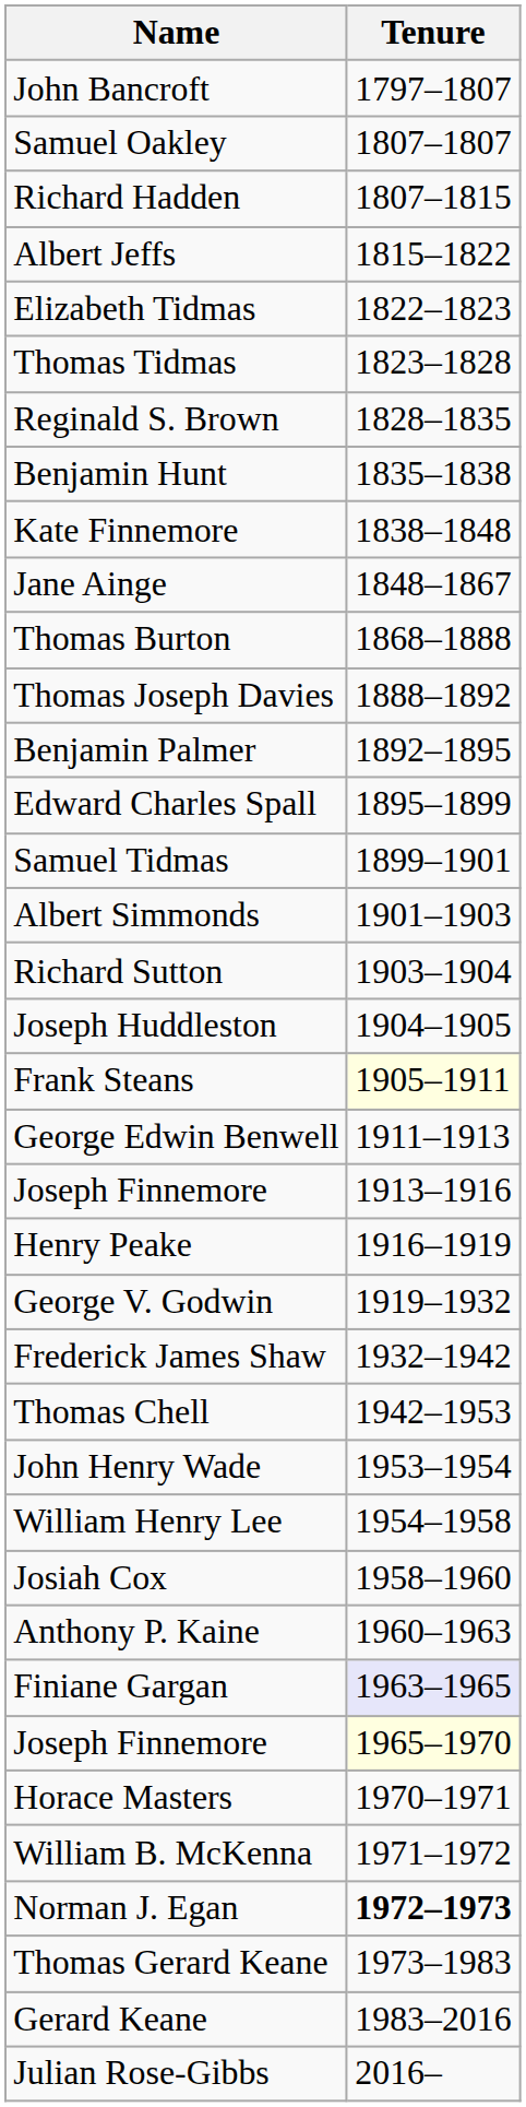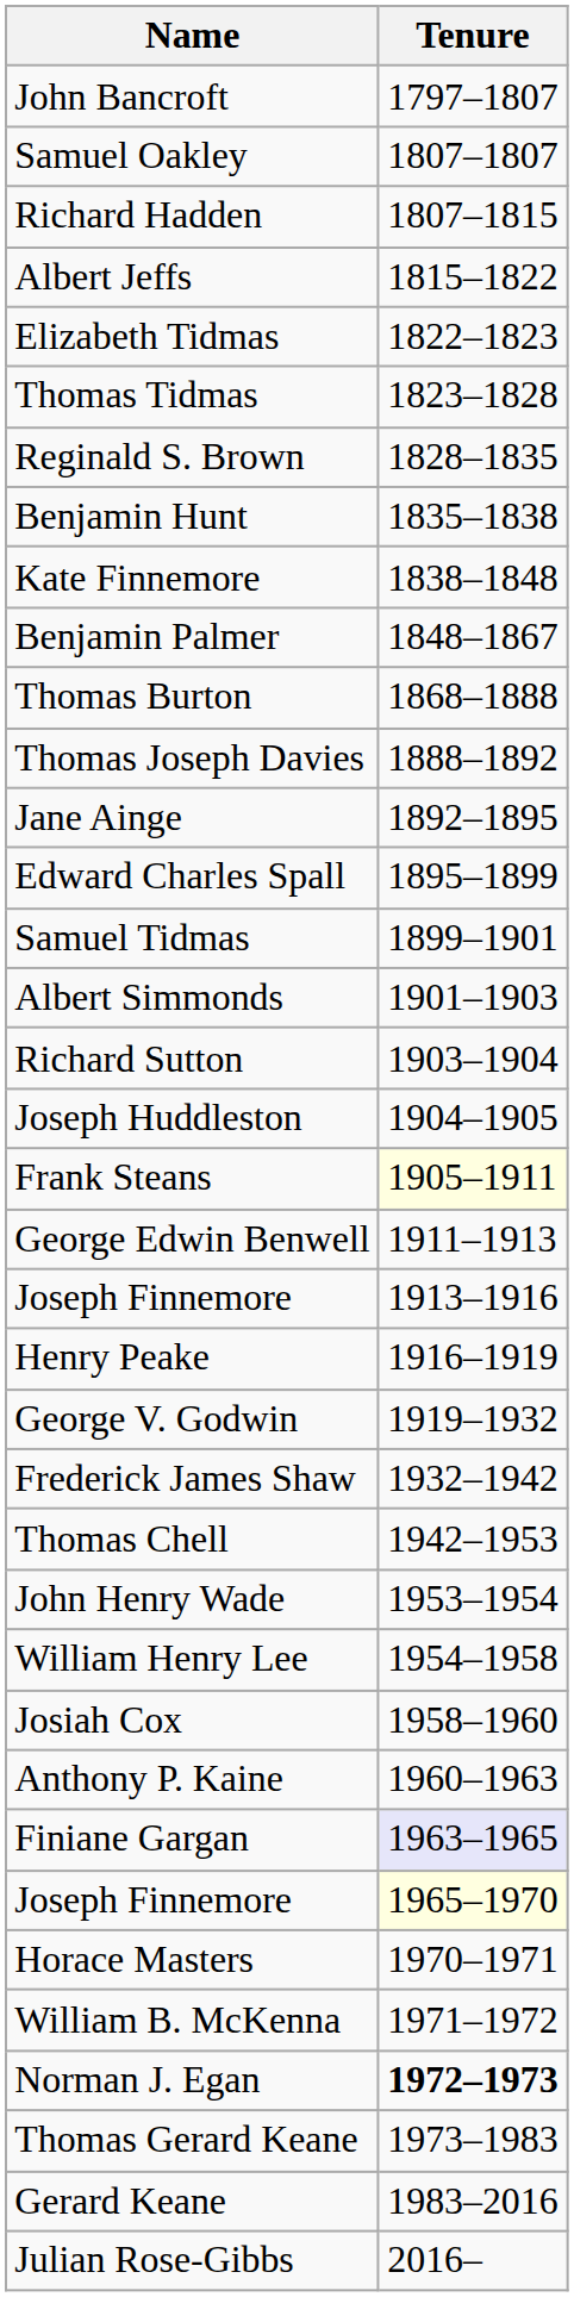 <table class="wikitable">
 <tr>
 <th>Name</th>
 <th>Tenure</th>
 </tr>
 <tr>
 <td>John Bancroft</td>
 <td>1797–1807</td>
 </tr>
 <tr>
 <td>Samuel Oakley</td>
 <td>1807–1807</td>
 </tr>
 <tr>
 <td>Richard Hadden</td>
 <td>1807–1815</td>
 </tr>
 <tr>
 <td>Albert Jeffs</td>
 <td>1815–1822</td>
 </tr>
 <tr>
 <td>Elizabeth Tidmas</td>
 <td>1822–1823</td>
 </tr>
 <tr>
 <td>Thomas Tidmas</td>
 <td>1823–1828</td>
 </tr>
 <tr>
 <td>Reginald S. Brown</td>
 <td>1828–1835</td>
 </tr>
 <tr>
 <td>Benjamin Hunt</td>
 <td>1835–1838</td>
 </tr>
 <tr>
 <td>Kate Finnemore</td>
 <td>1838–1848</td>
 </tr>
 <tr>
-<td>Jane Ainge</td>
+<td>Benjamin Palmer</td>
 <td>1848–1867</td>
 </tr>
 <tr>
 <td>Thomas Burton</td>
 <td>1868–1888</td>
 </tr>
 <tr>
 <td>Thomas Joseph Davies</td>
 <td>1888–1892</td>
 </tr>
 <tr>
-<td>Benjamin Palmer</td>
+<td>Jane Ainge</td>
 <td>1892–1895</td>
 </tr>
 <tr>
 <td>Edward Charles Spall</td>
 <td>1895–1899</td>
 </tr>
 <tr>
 <td>Samuel Tidmas</td>
 <td>1899–1901</td>
 </tr>
 <tr>
 <td>Albert Simmonds</td>
 <td>1901–1903</td>
 </tr>
 <tr>
 <td>Richard Sutton</td>
 <td>1903–1904</td>
 </tr>
 <tr>
 <td>Joseph Huddleston</td>
 <td>1904–1905</td>
 </tr>
 <tr>
 <td>Frank Steans</td>
 <td style="background: lightyellow;">1905–1911</td>
 </tr>
 <tr>
 <td>George Edwin Benwell</td>
 <td>1911–1913</td>
 </tr>
 <tr>
 <td>Joseph Finnemore</td>
 <td>1913–1916</td>
 </tr>
 <tr>
 <td>Henry Peake</td>
 <td>1916–1919</td>
 </tr>
 <tr>
 <td>George V. Godwin</td>
 <td>1919–1932</td>
 </tr>
 <tr>
 <td>Frederick James Shaw</td>
 <td>1932–1942</td>
 </tr>
 <tr>
 <td>Thomas Chell</td>
 <td>1942–1953</td>
 </tr>
 <tr>
 <td>John Henry Wade</td>
 <td>1953–1954</td>
 </tr>
 <tr>
 <td>William Henry Lee</td>
 <td>1954–1958</td>
 </tr>
 <tr>
 <td>Josiah Cox</td>
 <td>1958–1960</td>
 </tr>
 <tr>
 <td>Anthony P. Kaine</td>
 <td>1960–1963</td>
 </tr>
 <tr>
 <td>Finiane Gargan</td>
 <td style="background: lavender;">1963–1965</td>
 </tr>
 <tr>
 <td>Joseph Finnemore</td>
 <td style="background: lightyellow;">1965–1970</td>
 </tr>
 <tr>
 <td>Horace Masters</td>
 <td>1970–1971</td>
 </tr>
 <tr>
 <td>William B. McKenna</td>
 <td>1971–1972</td>
 </tr>
 <tr>
 <td>Norman J. Egan</td>
 <td><strong>1972–1973</strong></td>
 </tr>
 <tr>
 <td>Thomas Gerard Keane</td>
 <td>1973–1983</td>
 </tr>
 <tr>
 <td>Gerard Keane</td>
 <td>1983–2016</td>
 </tr>
 <tr>
 <td>Julian Rose-Gibbs</td>
 <td>2016–</td>
 </tr>
 </table>
